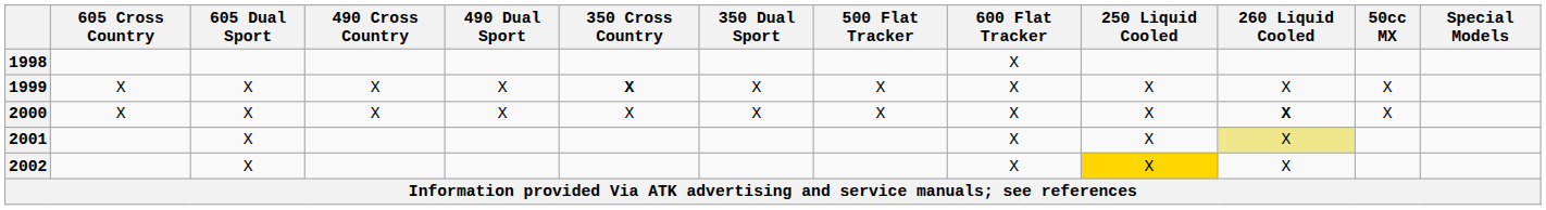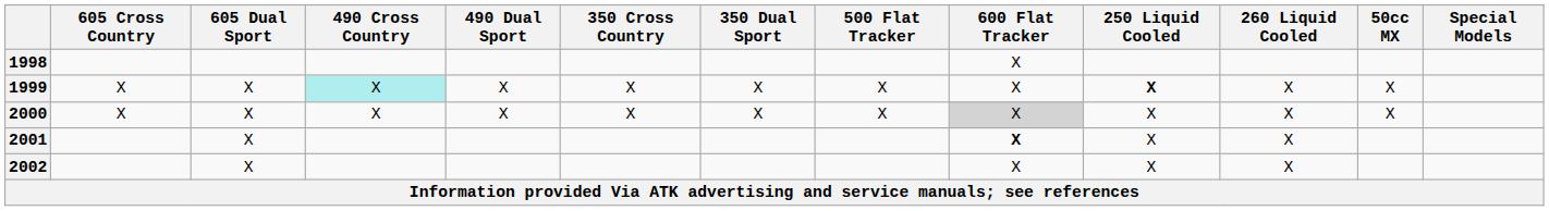 <table class="wikitable" style="text-align: center;">
 <tr>
 <th></th>
 <th>605 Cross Country</th>
 <th>605 Dual Sport</th>
 <th>490 Cross Country</th>
 <th>490 Dual Sport</th>
 <th>350 Cross Country</th>
 <th>350 Dual Sport</th>
 <th>500 Flat Tracker</th>
 <th>600 Flat Tracker</th>
 <th>250 Liquid Cooled</th>
 <th>260 Liquid Cooled</th>
 <th>50cc MX</th>
 <th>Special Models</th>
 </tr>
 <tr>
 <th>1998</th>
 <td></td>
 <td></td>
 <td></td>
 <td></td>
 <td></td>
 <td></td>
 <td></td>
 <td>X</td>
 <td></td>
 <td></td>
 <td></td>
 <td></td>
 </tr>
 <tr>
 <th>1999</th>
 <td>X</td>
 <td>X</td>
-<td>X</td>
-<td>X</td>
-<td><strong>X</strong></td>
+<td style="background: paleturquoise;">X</td>
 <td>X</td>
 <td>X</td>
 <td>X</td>
 <td>X</td>
+<td>X</td>
+<td><strong>X</strong></td>
 <td>X</td>
 <td>X</td>
 <td></td>
 </tr>
 <tr>
 <th>2000</th>
 <td>X</td>
 <td>X</td>
 <td>X</td>
 <td>X</td>
 <td>X</td>
 <td>X</td>
 <td>X</td>
+<td style="background: lightgrey;">X</td>
 <td>X</td>
 <td>X</td>
-<td><strong>X</strong></td>
 <td>X</td>
 <td></td>
 </tr>
 <tr>
 <th>2001</th>
 <td></td>
 <td>X</td>
 <td></td>
 <td></td>
 <td></td>
 <td></td>
 <td></td>
+<td><strong>X</strong></td>
 <td>X</td>
 <td>X</td>
-<td style="background: khaki;">X</td>
 <td></td>
 <td></td>
 </tr>
 <tr>
 <th>2002</th>
 <td></td>
 <td>X</td>
 <td></td>
 <td></td>
 <td></td>
 <td></td>
 <td></td>
 <td>X</td>
-<td style="background: gold;">X</td>
+<td>X</td>
 <td>X</td>
 <td></td>
 <td></td>
 </tr>
 <tr>
 <th colspan="13">Information provided Via ATK advertising and service manuals; see references</th>
 </tr>
 </table>
